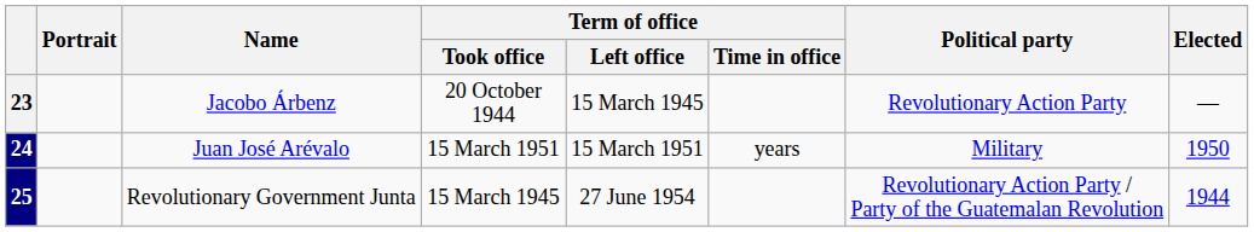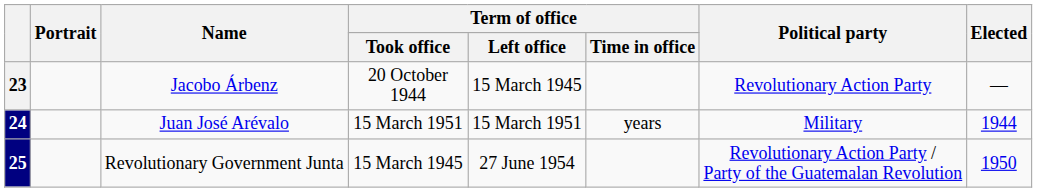 <table class="wikitable" style="text-align:center">
 <tr>
 <th rowspan="2"></th>
 <th rowspan="2">Portrait</th>
 <th rowspan="2">Name<br></th>
 <th colspan="3">Term of office</th>
 <th rowspan="2">Political party</th>
 <th rowspan="2">Elected</th>
 </tr>
 <tr style="background:#cccccc">
 <th width="100">Took office</th>
 <th>Left office</th>
 <th>Time in office</th>
 </tr>
 <tr>
 <th style="background:">23</th>
 <td></td>
 <td><a href='#'>Jacobo Árbenz</a><br></td>
 <td>20 October 1944</td>
 <td>15 March 1945</td>
 <td></td>
 <td><a href='#'>Revolutionary Action Party</a></td>
 <td>—</td>
 </tr>
 <tr>
 <th style="background:Navy; color:white">24</th>
 <td></td>
 <td><a href='#'>Juan José Arévalo</a><br></td>
 <td>15 March 1951</td>
 <td>15 March 1951</td>
 <td> years</td>
 <td><a href='#'>Military</a></td>
-<td><a href='#'>1950</a></td>
+<td><a href='#'>1944</a></td>
 </tr>
 <tr>
 <th style="background:Navy; color:white">25</th>
 <td></td>
 <td>Revolutionary Government Junta</td>
 <td>15 March 1945</td>
 <td>27 June 1954<br></td>
 <td></td>
 <td><a href='#'>Revolutionary Action Party</a> /<br><a href='#'>Party of the Guatemalan Revolution</a></td>
-<td><a href='#'>1944</a></td>
+<td><a href='#'>1950</a></td>
 </tr>
 </table>
